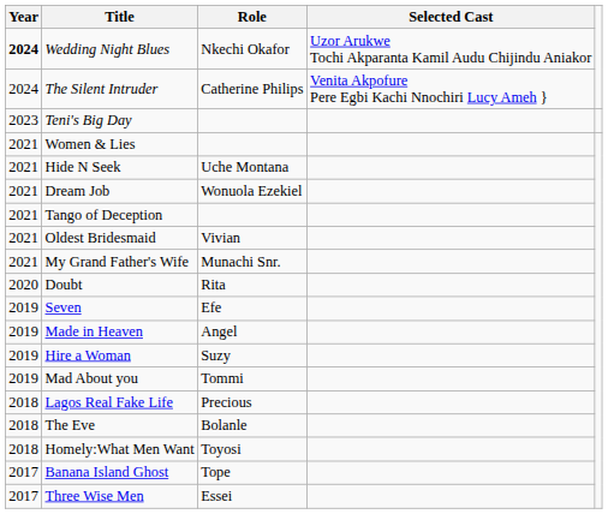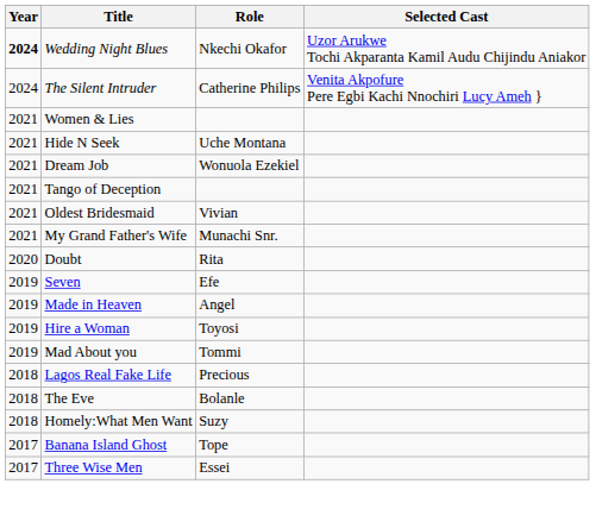 <table class="wikitable sortable">
 <tr>
 <th>Year</th>
 <th>Title</th>
 <th>Role</th>
 <th>Selected Cast</th>
 </tr>
 <tr>
 <td><strong>2024</strong></td>
 <td><em>Wedding Night Blues</em></td>
 <td>Nkechi Okafor</td>
 <td><a href='#'>Uzor Arukwe</a><br>Tochi Akparanta Kamil Audu Chijindu Aniakor</td>
 </tr>
 <tr>
 <td>2024</td>
 <td><em>The Silent Intruder</em></td>
 <td>Catherine Philips</td>
 <td><a href='#'>Venita Akpofure</a><br>Pere Egbi Kachi Nnochiri <a href='#'>Lucy Ameh</a> }</td>
-</tr>
-<tr>
-<td>2023</td>
-<td><em>Teni's Big Day</td>
-<td></td>
-<td></td>
-<td></td>
 </tr>
 <tr>
 <td>2021</td>
 <td></em>Women & Lies<em></td>
 <td></td>
 <td></td>
 </tr>
 <tr>
 <td>2021</td>
 <td></em>Hide N Seek<em></td>
 <td>Uche Montana</td>
 <td></td>
 </tr>
 <tr>
 <td>2021</td>
 <td></em>Dream Job<em></td>
 <td>Wonuola Ezekiel</td>
 <td></td>
 </tr>
 <tr>
 <td>2021</td>
 <td></em>Tango of Deception<em></td>
 <td></td>
 <td></td>
 </tr>
 <tr>
 <td>2021</td>
 <td></em>Oldest Bridesmaid<em></td>
 <td>Vivian</td>
 <td></td>
 </tr>
 <tr>
 <td>2021</td>
 <td></em>My Grand Father's Wife<em></td>
 <td>Munachi Snr.</td>
 <td></td>
 </tr>
 <tr>
 <td>2020</td>
 <td></em>Doubt<em></td>
 <td>Rita</td>
 <td></td>
 </tr>
 <tr>
 <td>2019</td>
 <td></em><a href='#'>Seven</a><em></td>
 <td>Efe</td>
 <td></td>
 </tr>
 <tr>
 <td>2019</td>
 <td></em><a href='#'>Made in Heaven</a><em></td>
 <td>Angel</td>
 <td></td>
 </tr>
 <tr>
 <td>2019</td>
 <td></em><a href='#'>Hire a Woman</a><em></td>
-<td>Suzy</td>
+<td>Toyosi</td>
 <td></td>
 </tr>
 <tr>
 <td>2019</td>
 <td></em>Mad About you<em></td>
 <td>Tommi</td>
 <td></td>
 </tr>
 <tr>
 <td>2018</td>
 <td></em><a href='#'>Lagos Real Fake Life</a><em></td>
 <td>Precious</td>
 <td></td>
 </tr>
 <tr>
 <td>2018</td>
 <td></em>The Eve<em></td>
 <td>Bolanle</td>
 <td></td>
 </tr>
 <tr>
 <td>2018</td>
 <td></em> Homely:What Men Want<em></td>
-<td>Toyosi</td>
+<td>Suzy</td>
 <td></td>
 </tr>
 <tr>
 <td>2017</td>
 <td></em><a href='#'>Banana Island Ghost</a><em></td>
 <td>Tope</td>
 <td></td>
 </tr>
 <tr>
 <td>2017</td>
 <td></em><a href='#'>Three Wise Men</a><em></td>
 <td>Essei</td>
 <td></td>
 </tr>
 </table>
